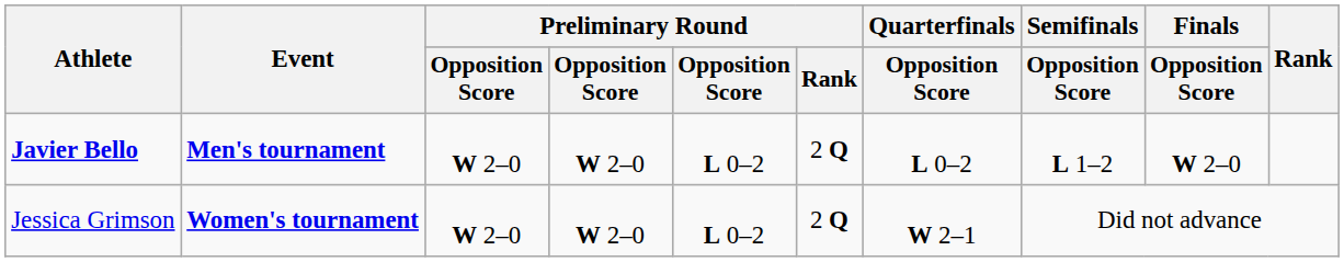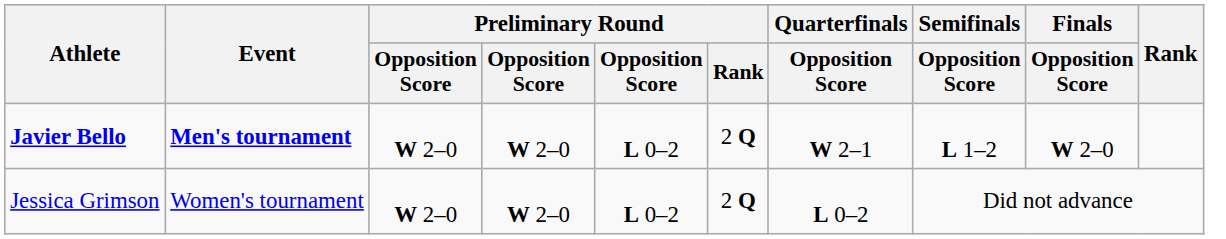 <table class=wikitable style="font-size:90%; text-align:center">
 <tr>
 <th rowspan="2">Athlete</th>
 <th rowspan="2">Event</th>
 <th colspan=4>Preliminary Round</th>
 <th>Quarterfinals</th>
 <th>Semifinals</th>
 <th>Finals</th>
 <th rowspan=2>Rank</th>
 </tr>
 <tr style=font-size:95%>
 <th>Opposition<br>Score</th>
 <th>Opposition<br>Score</th>
 <th>Opposition<br>Score</th>
 <th>Rank</th>
 <th>Opposition<br>Score</th>
 <th>Opposition<br>Score</th>
 <th>Opposition<br>Score</th>
 </tr>
 <tr>
 <td align=left><strong><a href='#'>Javier Bello</a></strong><br></td>
 <td align=left><strong><a href='#'>Men's tournament</a></strong></td>
 <td><br><strong>W</strong> 2–0</td>
 <td><br><strong>W</strong> 2–0</td>
 <td><br><strong>L</strong> 0–2</td>
 <td>2 <strong>Q</strong></td>
-<td><br><strong>L</strong> 0–2</td>
+<td><br><strong>W</strong> 2–1</td>
 <td><br><strong>L</strong> 1–2</td>
 <td><br><strong>W</strong> 2–0</td>
 <td></td>
 </tr>
 <tr>
 <td align=left><a href='#'>Jessica Grimson</a><br></td>
-<td align=left><strong><a href='#'>Women's tournament</a></strong></td>
+<td align=left><a href='#'>Women's tournament</a></td>
 <td><br><strong>W</strong> 2–0</td>
 <td><br><strong>W</strong> 2–0</td>
 <td><br><strong>L</strong> 0–2</td>
 <td>2 <strong>Q</strong></td>
-<td><br><strong>W</strong> 2–1</td>
+<td><br><strong>L</strong> 0–2</td>
 <td colspan=3>Did not advance</td>
 </tr>
 </table>
